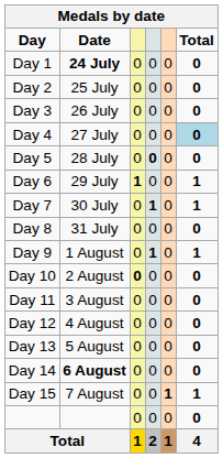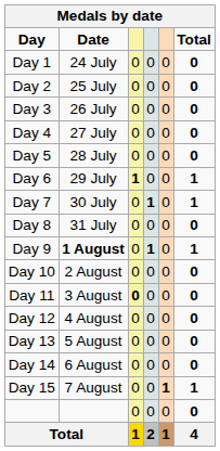 <table class=wikitable style="font-size:85%">
 <tr bgcolor=efefef>
 <th colspan=6><strong>Medals by date</strong></th>
 </tr>
 <tr align=center>
 <td><strong>Day</strong></td>
 <td><strong>Date</strong></td>
 <td bgcolor=#f7f6a8></td>
 <td bgcolor=#dce5e5></td>
 <td bgcolor=#ffdab9></td>
 <td><strong>Total</strong></td>
 </tr>
 <tr align=center>
 <td>Day 1</td>
-<td><strong>24 July</strong></td>
+<td>24 July</td>
 <td bgcolor=F7F6A8>0</td>
 <td bgcolor=DCE5E5>0</td>
 <td bgcolor=FFDAB9>0</td>
 <td><strong>0</strong></td>
 </tr>
 <tr align=center>
 <td>Day 2</td>
 <td>25 July</td>
 <td bgcolor=F7F6A8>0</td>
 <td bgcolor=DCE5E5>0</td>
 <td bgcolor=FFDAB9>0</td>
 <td><strong>0</strong></td>
 </tr>
 <tr align=center>
 <td>Day 3</td>
 <td>26 July</td>
 <td bgcolor=F7F6A8>0</td>
 <td bgcolor=DCE5E5>0</td>
 <td bgcolor=FFDAB9>0</td>
 <td><strong>0</strong></td>
 </tr>
 <tr align=center>
 <td>Day 4</td>
 <td>27 July</td>
 <td bgcolor=F7F6A8>0</td>
 <td bgcolor=DCE5E5>0</td>
 <td bgcolor=FFDAB9>0</td>
-<td style="background: lightblue;"><strong>0</strong></td>
+<td><strong>0</strong></td>
 </tr>
 <tr align=center>
 <td>Day 5</td>
 <td>28 July</td>
 <td bgcolor=F7F6A8>0</td>
-<td bgcolor=DCE5E5><strong>0</strong></td>
+<td bgcolor=DCE5E5>0</td>
 <td bgcolor=FFDAB9>0</td>
 <td><strong>0</strong></td>
 </tr>
 <tr align=center>
 <td>Day 6</td>
 <td>29 July</td>
 <td bgcolor=F7F6A8><strong>1</strong></td>
 <td bgcolor=DCE5E5>0</td>
 <td bgcolor=FFDAB9>0</td>
 <td><strong>1</strong></td>
 </tr>
 <tr align=center>
 <td>Day 7</td>
 <td>30 July</td>
 <td bgcolor=F7F6A8>0</td>
 <td bgcolor=DCE5E5><strong>1</strong></td>
 <td bgcolor=FFDAB9>0</td>
 <td><strong>1</strong></td>
 </tr>
 <tr align=center>
 <td>Day 8</td>
 <td>31 July</td>
 <td bgcolor=F7F6A8>0</td>
 <td bgcolor=DCE5E5>0</td>
 <td bgcolor=FFDAB9>0</td>
 <td><strong>0</strong></td>
 </tr>
 <tr align=center>
 <td>Day 9</td>
-<td>1 August</td>
+<td><strong>1 August</strong></td>
 <td bgcolor=F7F6A8>0</td>
 <td bgcolor=DCE5E5><strong>1</strong></td>
 <td bgcolor=FFDAB9>0</td>
 <td><strong>1</strong></td>
 </tr>
 <tr align=center>
 <td>Day 10</td>
 <td>2 August</td>
-<td bgcolor=F7F6A8><strong>0</strong></td>
+<td bgcolor=F7F6A8>0</td>
 <td bgcolor=DCE5E5>0</td>
 <td bgcolor=FFDAB9>0</td>
 <td><strong>0</strong></td>
 </tr>
 <tr align=center>
 <td>Day 11</td>
 <td>3 August</td>
-<td bgcolor=F7F6A8>0</td>
+<td bgcolor=F7F6A8><strong>0</strong></td>
 <td bgcolor=DCE5E5>0</td>
 <td bgcolor=FFDAB9>0</td>
 <td><strong>0</strong></td>
 </tr>
 <tr align=center>
 <td>Day 12</td>
 <td>4 August</td>
 <td bgcolor=F7F6A8>0</td>
 <td bgcolor=DCE5E5>0</td>
 <td bgcolor=FFDAB9>0</td>
 <td><strong>0</strong></td>
 </tr>
 <tr align=center>
 <td>Day 13</td>
 <td>5 August</td>
 <td bgcolor=F7F6A8>0</td>
 <td bgcolor=DCE5E5>0</td>
 <td bgcolor=FFDAB9>0</td>
 <td><strong>0</strong></td>
 </tr>
 <tr align=center>
 <td>Day 14</td>
-<td><strong>6 August</strong></td>
+<td>6 August</td>
 <td bgcolor=F7F6A8>0</td>
 <td bgcolor=DCE5E5>0</td>
 <td bgcolor=FFDAB9>0</td>
 <td><strong>0</strong></td>
 </tr>
 <tr align=center>
 <td>Day 15</td>
 <td>7 August</td>
 <td bgcolor=F7F6A8>0</td>
 <td bgcolor=DCE5E5>0</td>
 <td bgcolor=FFDAB9><strong>1</strong></td>
 <td><strong>1</strong></td>
 </tr>
 <tr align=center>
 <td></td>
 <td></td>
 <td bgcolor=F7F6A8>0</td>
 <td bgcolor=DCE5E5>0</td>
 <td bgcolor=FFDAB9>0</td>
 <td><strong>0</strong></td>
 </tr>
 <tr>
 <th colspan=2><strong>Total</strong></th>
 <th style="background:gold"><strong>1</strong></th>
 <th style="background:silver"><strong>2</strong></th>
 <th style="background:#c96"><strong>1</strong></th>
 <th><strong>4</strong></th>
 </tr>
 </table>
